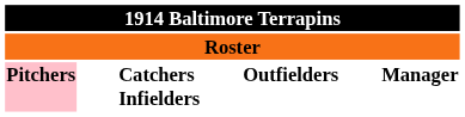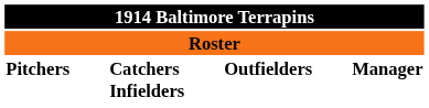 <table class="toccolours" style="font-size: 95%;">
 <tr>
 <th colspan="10" style="background-color: black; color: white; text-align: center;">1914 Baltimore Terrapins</th>
 </tr>
 <tr>
 <td colspan="10" style="background-color: #F87217; color: black; text-align: center;"><strong>Roster</strong></td>
 </tr>
 <tr>
-<td valign="top" style="background: pink;"><strong>Pitchers</strong><br>         </td>
+<td valign="top"><strong>Pitchers</strong><br>         </td>
 <td width="25px"></td>
 <td valign="top"><strong>Catchers</strong><br>    <strong>Infielders</strong>      </td>
 <td width="25px"></td>
 <td valign="top"><strong>Outfielders</strong><br>       </td>
 <td width="25px"></td>
 <td valign="top"><strong>Manager</strong><br></td>
 </tr>
 </table>
